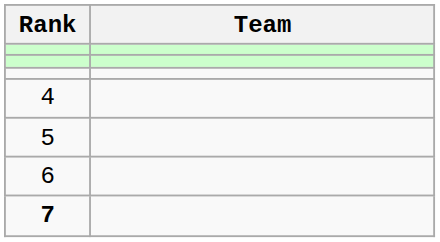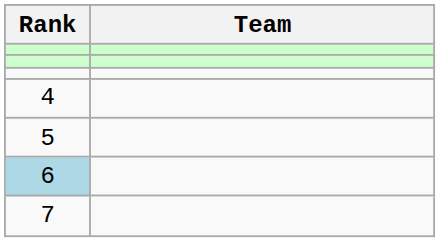 <table class="wikitable" style="text-align: center;">
 <tr>
 <th width=40>Rank</th>
 <th width=180>Team</th>
 </tr>
 <tr bgcolor="#ccffcc">
 <td></td>
 <td align="left"></td>
 </tr>
 <tr bgcolor="#ccffcc">
 <td></td>
 <td align="left"></td>
 </tr>
 <tr>
 <td></td>
 <td align="left"></td>
 </tr>
 <tr>
 <td>4</td>
 <td align="left"></td>
 </tr>
 <tr>
 <td>5</td>
 <td align="left"></td>
 </tr>
 <tr>
-<td>6</td>
+<td style="background: lightblue;">6</td>
 <td align="left"></td>
 </tr>
 <tr>
-<td><strong>7</strong></td>
+<td>7</td>
 <td align="left"></td>
 </tr>
 </table>
